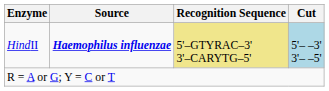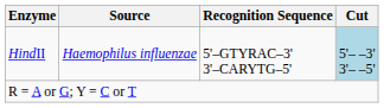 <table class="wikitable floatright">
 <tr>
 <th>Enzyme</th>
 <th>Source</th>
 <th>Recognition Sequence</th>
 <th>Cut</th>
 </tr>
 <tr>
 <td><a href='#'><em>Hind</em>II</a></td>
-<td><strong><em><a href='#'>Haemophilus influenzae</a></em></strong></td>
-<td style="background: khaki;"><br>5'–GTYRAC–3'<br> 3'–CARYTG–5'</td>
+<td><em><a href='#'>Haemophilus influenzae</a></em></td>
+<td><br>5'–GTYRAC–3'<br> 3'–CARYTG–5'</td>
 <td style="background: lightblue;"><br>5'– –3'<br> 3'– –5'</td>
 </tr>
 <tr>
 <td colspan=4>R = <a href='#'>A</a> or <a href='#'>G</a>; Y = <a href='#'>C</a> or <a href='#'>T</a></td>
 </tr>
 </table>
